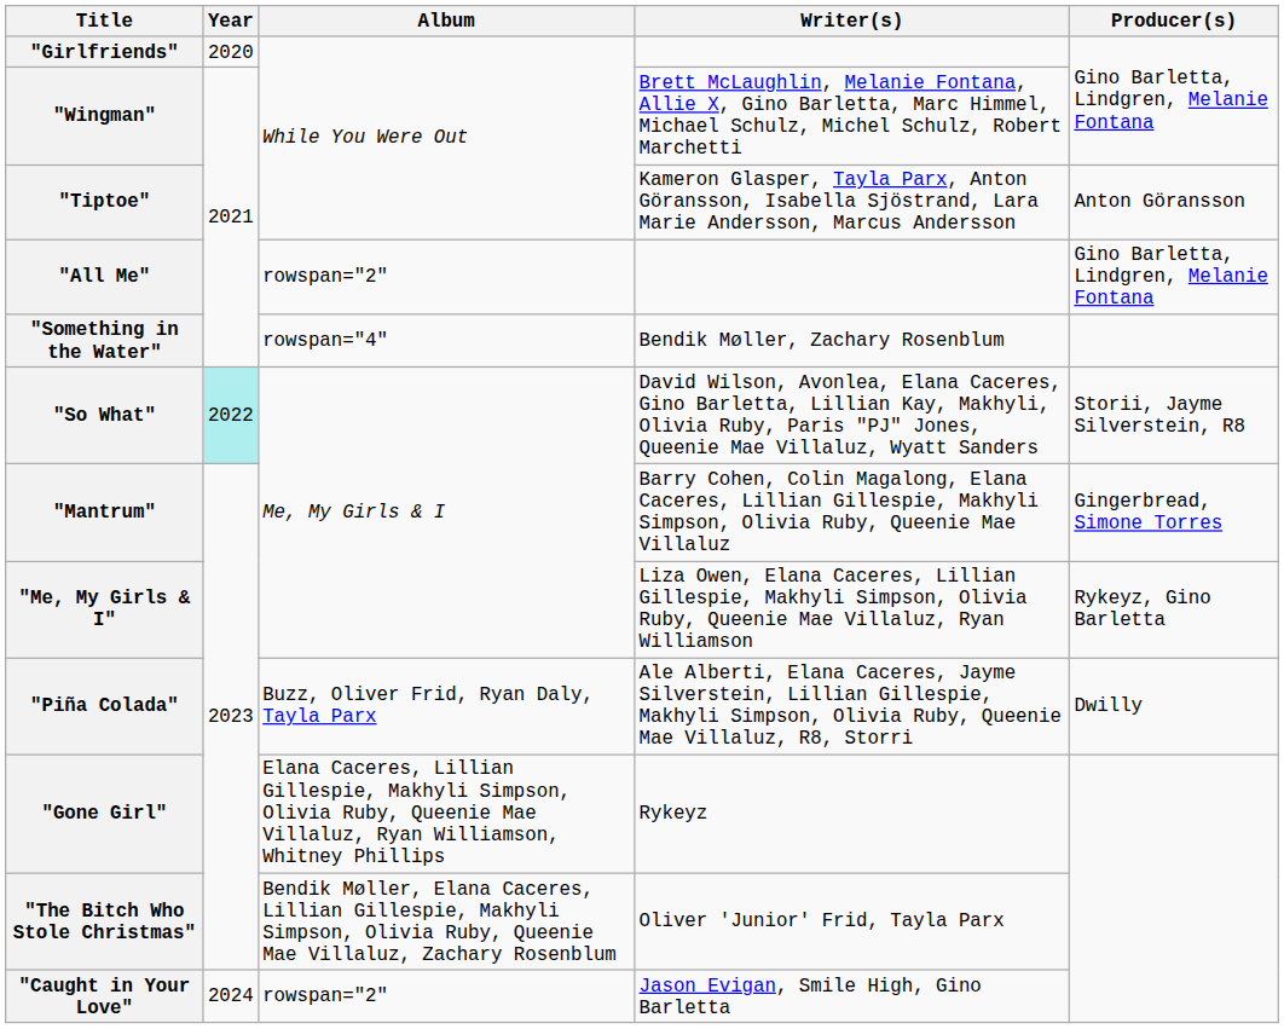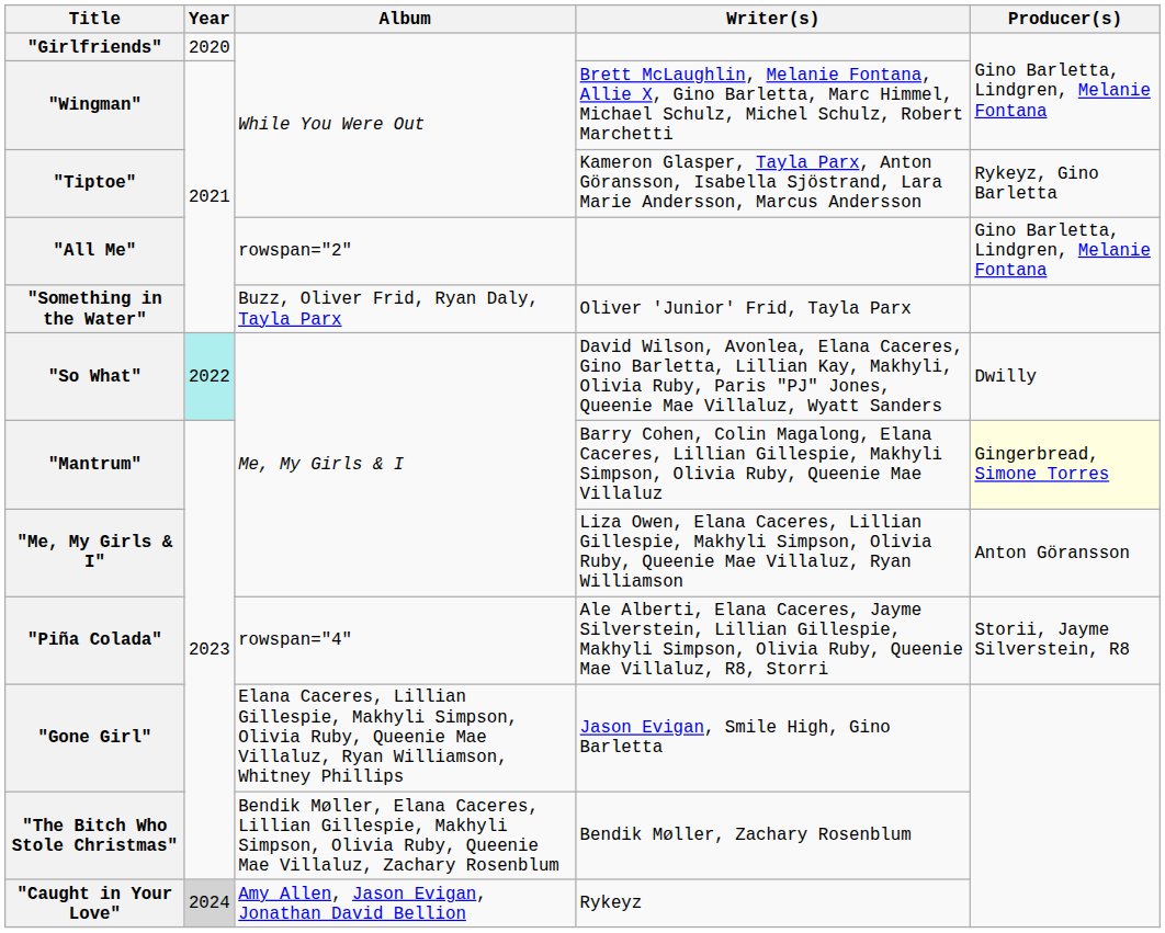 <table class="wikitable plainrowheaders">
 <tr>
 <th>Title</th>
 <th>Year</th>
 <th>Album</th>
 <th>Writer(s)</th>
 <th>Producer(s)</th>
 </tr>
 <tr>
 <th scope="row">"Girlfriends"</th>
 <td>2020</td>
 <td rowspan="3"><em>While You Were Out</em></td>
 <td></td>
 <td rowspan="2">Gino Barletta, Lindgren, <a href='#'>Melanie Fontana</a></td>
 </tr>
 <tr>
 <th scope="row">"Wingman"</th>
 <td rowspan="4">2021</td>
 <td><a href='#'>Brett McLaughlin</a>, <a href='#'>Melanie Fontana</a>, <a href='#'>Allie X</a>, Gino Barletta, Marc Himmel, Michael Schulz, Michel Schulz, Robert Marchetti</td>
 </tr>
 <tr>
 <th scope="row">"Tiptoe"</th>
 <td>Kameron Glasper, <a href='#'>Tayla Parx</a>, Anton Göransson, Isabella Sjöstrand, Lara Marie Andersson, Marcus Andersson</td>
-<td>Anton Göransson</td>
+<td>Rykeyz, Gino Barletta</td>
 </tr>
 <tr>
 <th scope="row">"All Me"</th>
 <td>rowspan="2" </td>
 <td></td>
 <td>Gino Barletta, Lindgren, <a href='#'>Melanie Fontana</a></td>
 </tr>
 <tr>
 <th scope="row">"Something in the Water"</th>
-<td>rowspan="4" </td>
-<td>Bendik Møller, Zachary Rosenblum</td>
+<td>Buzz, Oliver Frid, Ryan Daly, <a href='#'>Tayla Parx</a></td>
+<td>Oliver 'Junior' Frid, Tayla Parx</td>
 </tr>
 <tr>
 <th scope="row">"So What"</th>
 <td style="background: paleturquoise;">2022</td>
 <td rowspan="3"><em>Me, My Girls & I</em></td>
 <td>David Wilson, Avonlea, Elana Caceres, Gino Barletta, Lillian Kay, Makhyli, Olivia Ruby, Paris "PJ" Jones, Queenie Mae Villaluz, Wyatt Sanders</td>
-<td>Storii, Jayme Silverstein, R8</td>
+<td>Dwilly</td>
 </tr>
 <tr>
 <th scope="row">"Mantrum"</th>
 <td rowspan="5">2023</td>
 <td>Barry Cohen, Colin Magalong, Elana Caceres, Lillian Gillespie, Makhyli Simpson, Olivia Ruby, Queenie Mae Villaluz</td>
-<td>Gingerbread, <a href='#'>Simone Torres</a></td>
+<td style="background: lightyellow;">Gingerbread, <a href='#'>Simone Torres</a></td>
 </tr>
 <tr>
 <th scope="row">"Me, My Girls & I"</th>
 <td>Liza Owen, Elana Caceres, Lillian Gillespie, Makhyli Simpson, Olivia Ruby, Queenie Mae Villaluz, Ryan Williamson</td>
-<td>Rykeyz, Gino Barletta</td>
+<td>Anton Göransson</td>
 </tr>
 <tr>
 <th scope="row">"Piña Colada"</th>
-<td>Buzz, Oliver Frid, Ryan Daly, <a href='#'>Tayla Parx</a></td>
+<td>rowspan="4" </td>
 <td>Ale Alberti, Elana Caceres, Jayme Silverstein, Lillian Gillespie, Makhyli Simpson, Olivia Ruby, Queenie Mae Villaluz, R8, Storri</td>
-<td>Dwilly</td>
+<td>Storii, Jayme Silverstein, R8</td>
 </tr>
 <tr>
 <th scope="row">"Gone Girl"</th>
 <td>Elana Caceres, Lillian Gillespie, Makhyli Simpson, Olivia Ruby, Queenie Mae Villaluz, Ryan Williamson, Whitney Phillips</td>
-<td>Rykeyz</td>
+<td><a href='#'>Jason Evigan</a>, Smile High, Gino Barletta</td>
 </tr>
 <tr>
 <th scope="row">"The Bitch Who Stole Christmas"</th>
 <td>Bendik Møller, Elana Caceres, Lillian Gillespie, Makhyli Simpson, Olivia Ruby, Queenie Mae Villaluz, Zachary Rosenblum</td>
-<td>Oliver 'Junior' Frid, Tayla Parx</td>
+<td>Bendik Møller, Zachary Rosenblum</td>
 </tr>
 <tr>
 <th scope="row">"Caught in Your Love"</th>
-<td>2024</td>
-<td>rowspan="2" </td>
-<td><a href='#'>Jason Evigan</a>, Smile High, Gino Barletta</td>
+<td style="background: lightgrey;">2024</td>
+<td><a href='#'>Amy Allen</a>, <a href='#'>Jason Evigan</a>, <a href='#'>Jonathan David Bellion</a></td>
+<td>Rykeyz</td>
 </tr>
 </table>
